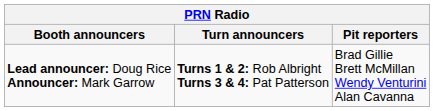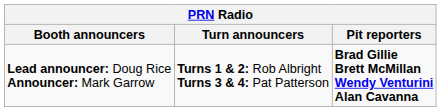 <table class="wikitable" style="font-size: 95%">
 <tr>
 <th colspan="3"><a href='#'>PRN</a> Radio</th>
 </tr>
 <tr>
 <th>Booth announcers</th>
 <th>Turn announcers</th>
 <th>Pit reporters</th>
 </tr>
 <tr>
 <td><strong>Lead announcer:</strong> Doug Rice<br><strong>Announcer:</strong> Mark Garrow</td>
 <td><strong>Turns 1 & 2:</strong> Rob Albright<br><strong>Turns 3 & 4:</strong> Pat Patterson</td>
-<td>Brad Gillie<br>Brett McMillan<br><a href='#'>Wendy Venturini</a><br>Alan Cavanna</td>
+<td><strong>Brad Gillie<br>Brett McMillan<br><a href='#'>Wendy Venturini</a><br>Alan Cavanna</strong></td>
 </tr>
 </table>
